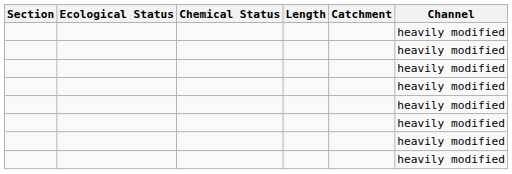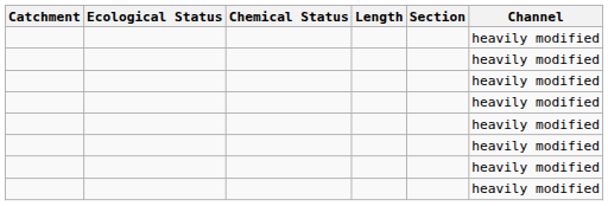 <table class="wikitable">
 <tr>
-<th>Section</th>
+<th>Catchment</th>
 <th>Ecological Status</th>
 <th>Chemical Status</th>
 <th>Length</th>
-<th>Catchment</th>
+<th>Section</th>
 <th>Channel</th>
 </tr>
 <tr>
 <td></td>
 <td></td>
 <td></td>
 <td></td>
 <td></td>
 <td>heavily modified</td>
 </tr>
 <tr>
 <td></td>
 <td></td>
 <td></td>
 <td></td>
 <td></td>
 <td>heavily modified</td>
 </tr>
 <tr>
 <td></td>
 <td></td>
 <td></td>
 <td></td>
 <td></td>
 <td>heavily modified</td>
 </tr>
 <tr>
 <td></td>
 <td></td>
 <td></td>
 <td></td>
 <td></td>
 <td>heavily modified</td>
 </tr>
 <tr>
 <td></td>
 <td></td>
 <td></td>
 <td></td>
 <td></td>
 <td>heavily modified</td>
 </tr>
 <tr>
 <td></td>
 <td></td>
 <td></td>
 <td></td>
 <td></td>
 <td>heavily modified</td>
 </tr>
 <tr>
 <td></td>
 <td></td>
 <td></td>
 <td></td>
 <td></td>
 <td>heavily modified</td>
 </tr>
 <tr>
 <td></td>
 <td></td>
 <td></td>
 <td></td>
 <td></td>
 <td>heavily modified</td>
 </tr>
 </table>
